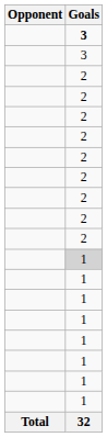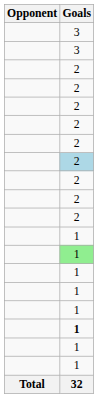 <table class="wikitable sortable">
 <tr>
 <th>Opponent</th>
 <th>Goals</th>
 </tr>
 <tr>
 <td></td>
-<td align="center"><strong>3</strong></td>
+<td align="center">3</td>
 </tr>
 <tr>
 <td></td>
 <td align="center">3</td>
 </tr>
 <tr>
 <td></td>
 <td align="center">2</td>
 </tr>
 <tr>
 <td></td>
 <td align="center">2</td>
 </tr>
 <tr>
 <td></td>
 <td align="center">2</td>
 </tr>
 <tr>
 <td></td>
 <td align="center">2</td>
 </tr>
 <tr>
 <td></td>
 <td align="center">2</td>
 </tr>
 <tr>
 <td></td>
-<td align="center">2</td>
+<td align="center" style="background: lightblue;">2</td>
 </tr>
 <tr>
 <td></td>
 <td align="center">2</td>
 </tr>
 <tr>
 <td></td>
 <td align="center">2</td>
 </tr>
 <tr>
 <td></td>
 <td align="center">2</td>
 </tr>
 <tr>
 <td></td>
-<td align="center" style="background: lightgrey;">1</td>
+<td align="center">1</td>
+</tr>
+<tr>
+<td></td>
+<td align="center" style="background: lightgreen;">1</td>
 </tr>
 <tr>
 <td></td>
 <td align="center">1</td>
 </tr>
 <tr>
 <td></td>
 <td align="center">1</td>
 </tr>
 <tr>
 <td></td>
 <td align="center">1</td>
 </tr>
 <tr>
 <td></td>
-<td align="center">1</td>
-</tr>
-<tr>
-<td></td>
-<td align="center">1</td>
+<td align="center"><strong>1</strong></td>
 </tr>
 <tr>
 <td></td>
 <td align="center">1</td>
 </tr>
 <tr>
 <td></td>
 <td align="center">1</td>
 </tr>
 <tr>
 <th scope="row">Total</th>
 <th>32</th>
 </tr>
 </table>
